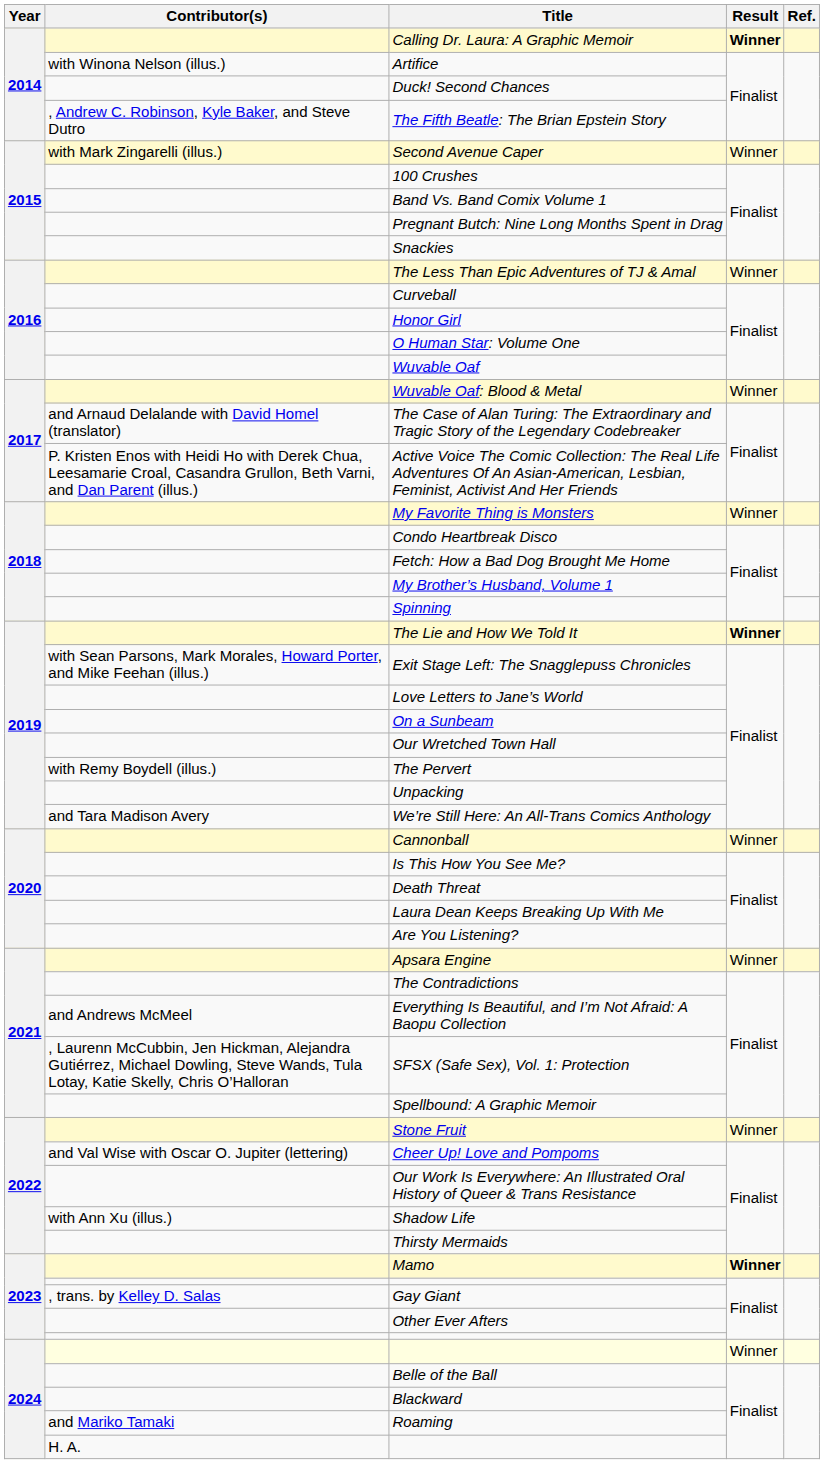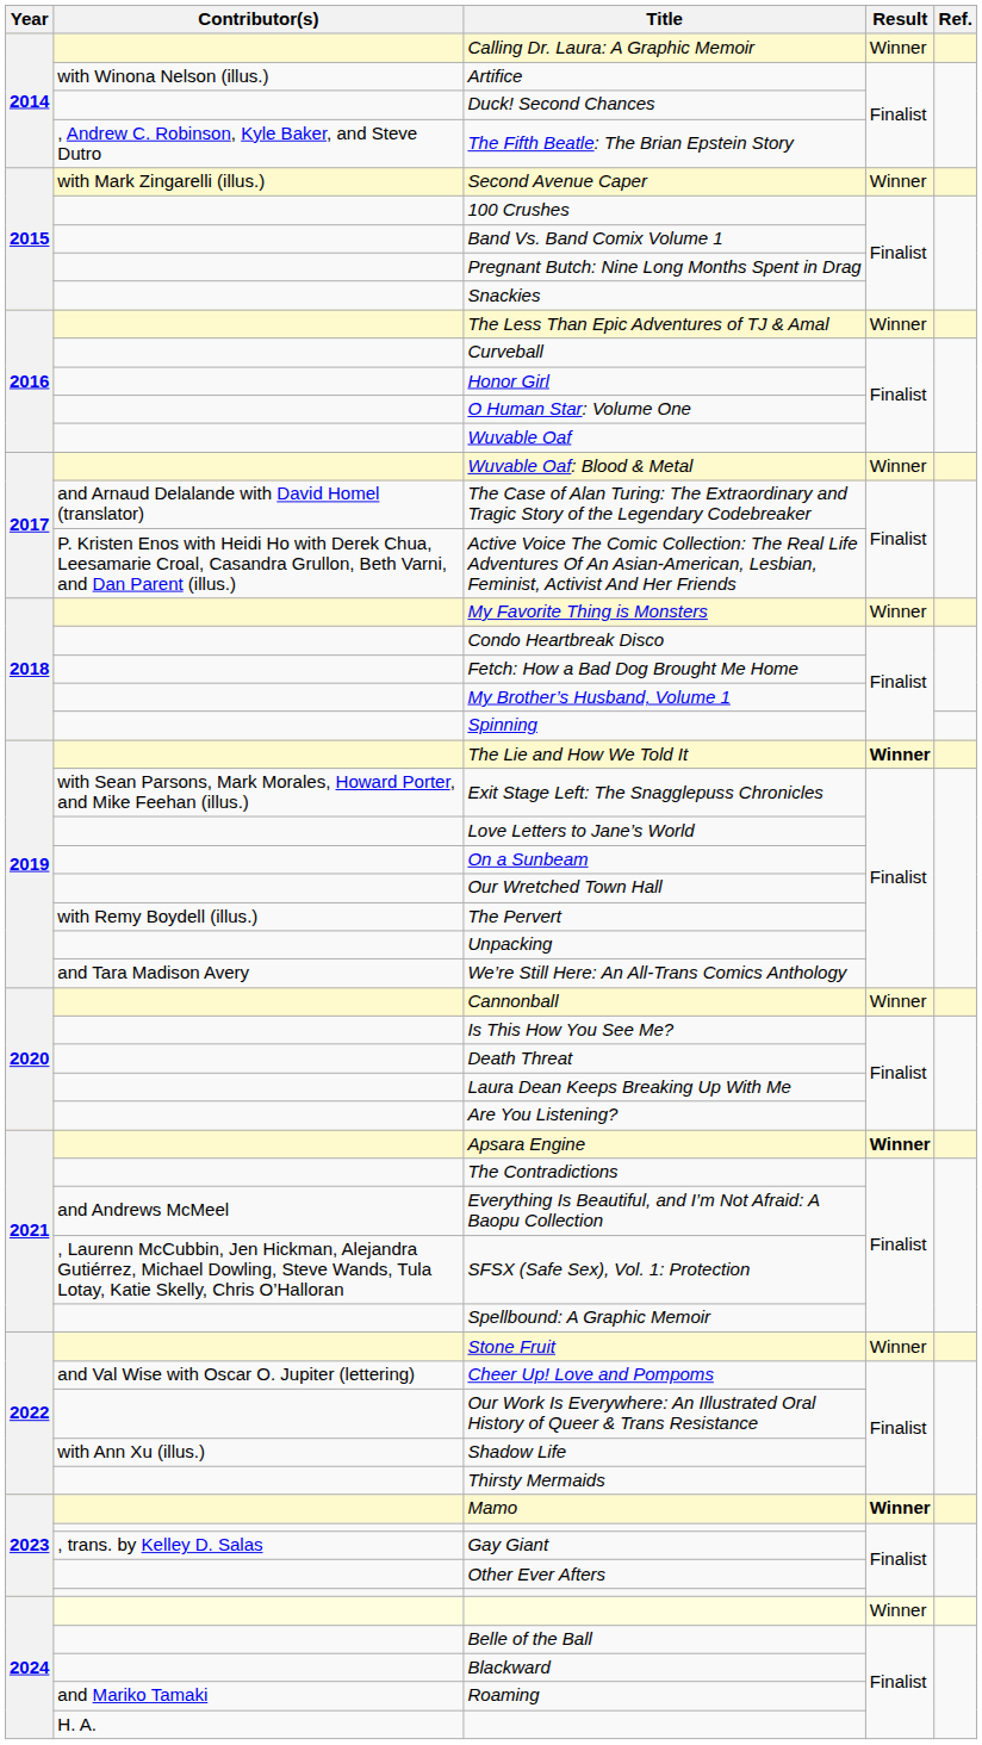 <table class="wikitable sortable">
 <tr>
 <th>Year</th>
 <th>Contributor(s)</th>
 <th>Title</th>
 <th>Result</th>
 <th>Ref.</th>
 </tr>
 <tr style="background:LemonChiffon; color:black">
 <th rowspan="4"><a href='#'>2014</a></th>
 <td></td>
 <td><em>Calling Dr. Laura: A Graphic Memoir</em></td>
-<td><strong>Winner</strong></td>
+<td>Winner</td>
 <td></td>
 </tr>
 <tr>
 <td> with Winona Nelson (illus.)</td>
 <td><em>Artifice</em></td>
 <td rowspan="3">Finalist</td>
 <td rowspan="3"><em></em></td>
 </tr>
 <tr>
 <td></td>
 <td><em>Duck! Second Chances</em></td>
 </tr>
 <tr>
 <td>, <a href='#'>Andrew C. Robinson</a>, <a href='#'>Kyle Baker</a>, and Steve Dutro</td>
 <td><em><a href='#'>The Fifth Beatle</a>: The Brian Epstein Story</em></td>
 </tr>
 <tr style="background:LemonChiffon; color:black">
 <th rowspan="5"><a href='#'>2015</a></th>
 <td> with Mark Zingarelli (illus.)</td>
 <td><em>Second Avenue Caper</em></td>
 <td>Winner</td>
 <td></td>
 </tr>
 <tr>
 <td></td>
 <td><em>100 Crushes</em></td>
 <td rowspan="4">Finalist</td>
 <td rowspan="4"></td>
 </tr>
 <tr>
 <td></td>
 <td><em>Band Vs. Band Comix Volume 1</em></td>
 </tr>
 <tr>
 <td></td>
 <td><em>Pregnant Butch: Nine Long Months Spent in Drag</em></td>
 </tr>
 <tr>
 <td></td>
 <td><em>Snackies</em></td>
 </tr>
 <tr style="background:LemonChiffon; color:black">
 <th rowspan="5"><a href='#'>2016</a></th>
 <td></td>
 <td><em>The Less Than Epic Adventures of TJ & Amal</em></td>
 <td>Winner</td>
 <td></td>
 </tr>
 <tr>
 <td></td>
 <td><em>Curveball</em></td>
 <td rowspan="4">Finalist</td>
 <td rowspan="4"></td>
 </tr>
 <tr>
 <td></td>
 <td><em><a href='#'>Honor Girl</a></em></td>
 </tr>
 <tr>
 <td></td>
 <td><em><a href='#'>O Human Star</a>: Volume One</em></td>
 </tr>
 <tr>
 <td></td>
 <td><em><a href='#'>Wuvable Oaf</a></em></td>
 </tr>
 <tr style="background:LemonChiffon; color:black">
 <th rowspan="3"><a href='#'>2017</a></th>
 <td></td>
 <td><em><a href='#'>Wuvable Oaf</a>: Blood & Metal</em></td>
 <td>Winner</td>
 <td></td>
 </tr>
 <tr>
 <td> and Arnaud Delalande with <a href='#'>David Homel</a> (translator)</td>
 <td><em>The Case of Alan Turing: The Extraordinary and Tragic Story of the Legendary Codebreaker</em></td>
 <td rowspan="2">Finalist</td>
 <td rowspan="2"></td>
 </tr>
 <tr>
 <td>P. Kristen Enos with Heidi Ho with Derek Chua, Leesamarie Croal, Casandra Grullon, Beth Varni, and <a href='#'>Dan Parent</a> (illus.)</td>
 <td><em>Active Voice The Comic Collection: The Real Life Adventures Of An Asian-American, Lesbian, Feminist, Activist And Her Friends</em></td>
 </tr>
 <tr style="background:LemonChiffon; color:black">
 <th rowspan="5"><a href='#'>2018</a></th>
 <td></td>
 <td><a href='#'><em>My Favorite Thing is Monsters</em></a></td>
 <td>Winner</td>
 <td></td>
 </tr>
 <tr>
 <td></td>
 <td><em>Condo Heartbreak Disco</em></td>
 <td rowspan="4">Finalist</td>
 <td rowspan="3"></td>
 </tr>
 <tr>
 <td></td>
 <td><em>Fetch: How a Bad Dog Brought Me Home</em></td>
 </tr>
 <tr>
 <td></td>
 <td><a href='#'><em>My Brother’s Husband, Volume 1</em></a></td>
 </tr>
 <tr>
 <td></td>
 <td><em><a href='#'>Spinning</a></em></td>
 <td></td>
 </tr>
 <tr style="background:LemonChiffon; color:black">
 <th rowspan="8"><a href='#'>2019</a></th>
 <td></td>
 <td><em>The Lie and How We Told It</em></td>
 <td><strong>Winner</strong></td>
 <td></td>
 </tr>
 <tr>
 <td> with Sean Parsons, Mark Morales, <a href='#'>Howard Porter</a>, and Mike Feehan (illus.)</td>
 <td><em>Exit Stage Left: The Snagglepuss Chronicles</em></td>
 <td rowspan="7">Finalist</td>
 <td rowspan="7"></td>
 </tr>
 <tr>
 <td></td>
 <td><em>Love Letters to Jane’s World</em></td>
 </tr>
 <tr>
 <td></td>
 <td><em><a href='#'>On a Sunbeam</a></em></td>
 </tr>
 <tr>
 <td></td>
 <td><em>Our Wretched Town Hall</em></td>
 </tr>
 <tr>
 <td> with Remy Boydell (illus.)</td>
 <td><em>The Pervert</em></td>
 </tr>
 <tr>
 <td></td>
 <td><em>Unpacking</em></td>
 </tr>
 <tr>
 <td> and Tara Madison Avery</td>
 <td><em>We’re Still Here: An All-Trans Comics Anthology</em></td>
 </tr>
 <tr style="background:LemonChiffon; color:black">
 <th rowspan="5"><a href='#'>2020</a></th>
 <td></td>
 <td><em>Cannonball</em></td>
 <td>Winner</td>
 <td></td>
 </tr>
 <tr>
 <td></td>
 <td><em>Is This How You See Me?</em></td>
 <td rowspan="4">Finalist</td>
 <td rowspan="4"></td>
 </tr>
 <tr>
 <td></td>
 <td><em>Death Threat</em></td>
 </tr>
 <tr>
 <td></td>
 <td><em>Laura Dean Keeps Breaking Up With Me</em></td>
 </tr>
 <tr>
 <td></td>
 <td><em>Are You Listening?</em></td>
 </tr>
 <tr style="background:LemonChiffon; color:black">
 <th rowspan="5"><a href='#'>2021</a></th>
 <td></td>
 <td><em>Apsara Engine</em></td>
-<td>Winner</td>
+<td><strong>Winner</strong></td>
 <td></td>
 </tr>
 <tr>
 <td></td>
 <td><em>The Contradictions</em></td>
 <td rowspan="4">Finalist</td>
 <td rowspan="4"></td>
 </tr>
 <tr>
 <td> and Andrews McMeel</td>
 <td><em>Everything Is Beautiful, and I’m Not Afraid: A Baopu Collection</em></td>
 </tr>
 <tr>
 <td>, Laurenn McCubbin, Jen Hickman, Alejandra Gutiérrez, Michael Dowling, Steve Wands, Tula Lotay, Katie Skelly, Chris O’Halloran</td>
 <td><em>SFSX (Safe Sex), Vol. 1: Protection</em></td>
 </tr>
 <tr>
 <td></td>
 <td><em>Spellbound: A Graphic Memoir</em></td>
 </tr>
 <tr style="background:LemonChiffon; color:black">
 <th rowspan="5"><a href='#'>2022</a></th>
 <td></td>
 <td><em><a href='#'>Stone Fruit</a></em></td>
 <td>Winner</td>
 <td></td>
 </tr>
 <tr>
 <td> and Val Wise with Oscar O. Jupiter (lettering)</td>
 <td><em><a href='#'>Cheer Up! Love and Pompoms</a></em></td>
 <td rowspan="4">Finalist</td>
 <td rowspan="4"></td>
 </tr>
 <tr>
 <td></td>
 <td><em>Our Work Is Everywhere: An Illustrated Oral History of Queer & Trans Resistance</em></td>
 </tr>
 <tr>
 <td> with Ann Xu (illus.)</td>
 <td><em>Shadow Life</em></td>
 </tr>
 <tr>
 <td></td>
 <td><em>Thirsty Mermaids</em></td>
 </tr>
 <tr style="background:LemonChiffon; color:black">
 <th rowspan="5"><a href='#'>2023</a></th>
 <td></td>
 <td><em>Mamo</em></td>
 <td><strong>Winner</strong></td>
 <td></td>
 </tr>
 <tr>
 <td></td>
 <td></td>
 <td rowspan="4">Finalist</td>
 <td rowspan="4"></td>
 </tr>
 <tr>
 <td>, trans. by <a href='#'>Kelley D. Salas</a></td>
 <td><em>Gay Giant</em></td>
 </tr>
 <tr>
 <td></td>
 <td><em>Other Ever Afters</em></td>
 </tr>
 <tr>
 <td></td>
 <td></td>
 </tr>
 <tr style=background:lightyellow>
 <th rowspan="5"><a href='#'>2024</a></th>
 <td></td>
 <td></td>
 <td>Winner</td>
 <td></td>
 </tr>
 <tr>
 <td></td>
 <td><em>Belle of the Ball</em></td>
 <td rowspan="4">Finalist</td>
 <td rowspan="4"></td>
 </tr>
 <tr>
 <td></td>
 <td><em>Blackward</em></td>
 </tr>
 <tr>
 <td> and <a href='#'>Mariko Tamaki</a></td>
 <td><em>Roaming</em></td>
 </tr>
 <tr>
 <td>H. A.</td>
 <td></td>
 </tr>
 </table>
